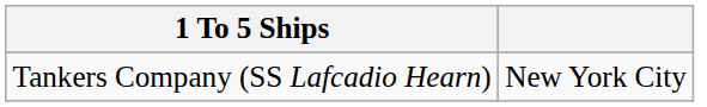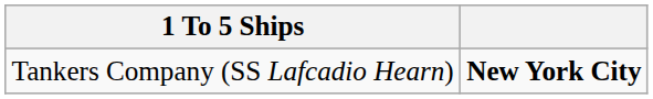 <table class="wikitable">
 <tr>
 <th>1 To 5 Ships</th>
 <th></th>
 </tr>
 <tr>
 <td>Tankers Company (SS <em>Lafcadio Hearn</em>) </td>
-<td>New York City</td>
+<td><strong>New York City</strong></td>
 </tr>
 </table>
